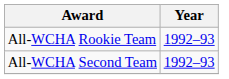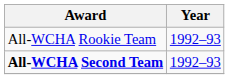 <table class="wikitable">
 <tr>
 <th>Award</th>
 <th>Year</th>
 </tr>
 <tr>
 <td>All-<a href='#'>WCHA</a> <a href='#'>Rookie Team</a></td>
 <td><a href='#'>1992–93</a></td>
 </tr>
 <tr>
-<td>All-<a href='#'>WCHA</a> <a href='#'>Second Team</a></td>
+<td><strong>All-<a href='#'>WCHA</a> <a href='#'>Second Team</a></strong></td>
 <td><a href='#'>1992–93</a></td>
 </tr>
 <tr>
 </tr>
 </table>
